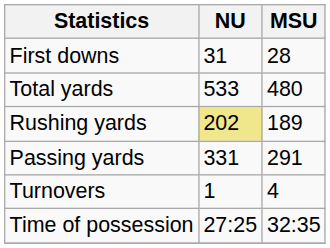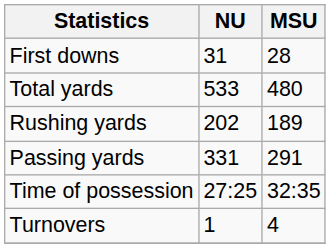 <table class="wikitable">
 <tr>
 <th>Statistics</th>
 <th>NU</th>
 <th>MSU</th>
 </tr>
 <tr>
 <td>First downs</td>
 <td>31</td>
 <td>28</td>
 </tr>
 <tr>
 <td>Total yards</td>
 <td>533</td>
 <td>480</td>
 </tr>
 <tr>
 <td>Rushing yards</td>
-<td style="background: khaki;">202</td>
+<td>202</td>
 <td>189</td>
 </tr>
 <tr>
 <td>Passing yards</td>
 <td>331</td>
 <td>291</td>
 </tr>
 <tr>
+<td>Time of possession</td>
+<td>27:25</td>
+<td>32:35</td>
+</tr>
+<tr>
 <td>Turnovers</td>
 <td>1</td>
 <td>4</td>
 </tr>
 <tr>
-<td>Time of possession</td>
-<td>27:25</td>
-<td>32:35</td>
-</tr>
-<tr>
 </tr>
 </table>
